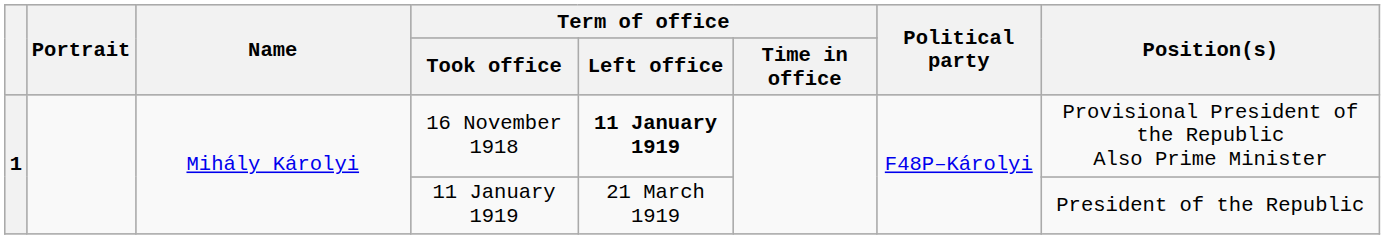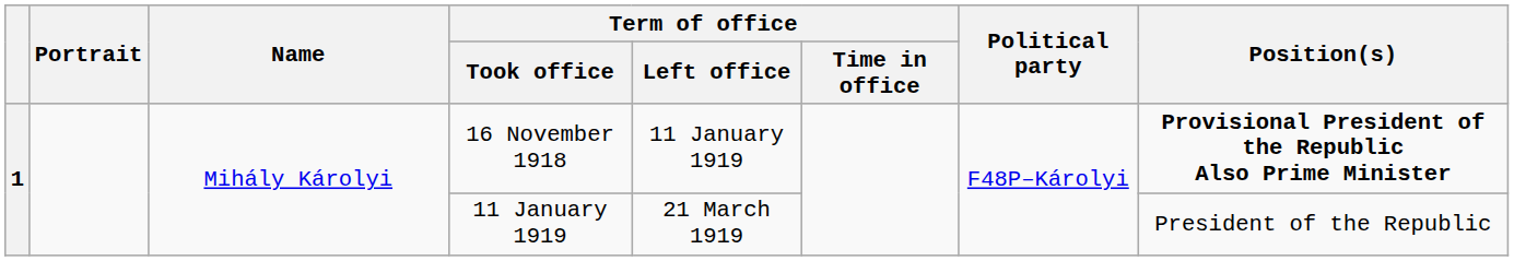 <table class="wikitable" style="text-align:center;">
 <tr>
 <th rowspan=2></th>
 <th rowspan=2>Portrait</th>
 <th width=20% rowspan=2>Name<br></th>
 <th colspan=3>Term of office</th>
 <th rowspan=2>Political party</th>
 <th rowspan=2>Position(s)</th>
 </tr>
 <tr>
 <th>Took office</th>
 <th>Left office</th>
 <th>Time in office</th>
 </tr>
 <tr>
 <th rowspan=2 style="background-color:">1</th>
 <td rowspan=2></td>
 <td rowspan=2><a href='#'>Mihály Károlyi</a><br></td>
 <td>16 November 1918</td>
-<td><strong>11 January 1919</strong></td>
+<td>11 January 1919</td>
 <td rowspan=2></td>
 <td rowspan=2><a href='#'>F48P–Károlyi</a></td>
-<td>Provisional President of the Republic<br>Also Prime Minister</td>
+<td><strong>Provisional President of the Republic<br>Also Prime Minister</strong></td>
 </tr>
 <tr>
 <td>11 January 1919</td>
 <td>21 March 1919</td>
 <td>President of the Republic</td>
 </tr>
 </table>
